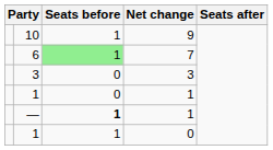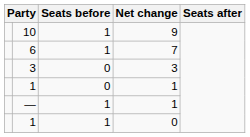 <table class=wikitable style="text-align:right">
 <tr>
 <th colspan="2">Party</th>
 <th>Seats before</th>
 <th>Net change</th>
 <th>Seats after</th>
 </tr>
 <tr>
 <td></td>
 <td>10</td>
 <td> 1</td>
 <td>9</td>
 </tr>
 <tr>
 <td></td>
 <td>6</td>
-<td style="background: lightgreen;"> 1</td>
+<td> 1</td>
 <td>7</td>
 </tr>
 <tr>
 <td></td>
 <td>3</td>
 <td> 0</td>
 <td>3</td>
 </tr>
 <tr>
 <td></td>
 <td>1</td>
 <td> 0</td>
 <td>1</td>
 </tr>
 <tr>
 <td></td>
 <td>—</td>
-<td><strong> 1</strong></td>
+<td> 1</td>
 <td>1</td>
 </tr>
 <tr>
 <td></td>
 <td>1</td>
 <td> 1</td>
 <td>0</td>
 </tr>
 </table>
